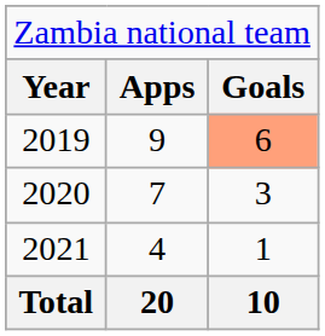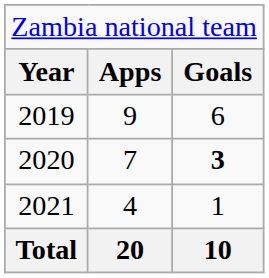 <table class="wikitable" style="text-align:center">
 <tr>
 <td colspan="3"><a href='#'>Zambia national team</a></td>
 </tr>
 <tr>
 <th>Year</th>
 <th>Apps</th>
 <th>Goals</th>
 </tr>
 <tr>
 <td>2019</td>
 <td>9</td>
-<td style="background: lightsalmon;">6</td>
+<td>6</td>
 </tr>
 <tr>
 <td>2020</td>
 <td>7</td>
-<td>3</td>
+<td><strong>3</strong></td>
 </tr>
 <tr>
 <td>2021</td>
 <td>4</td>
 <td>1</td>
 </tr>
 <tr>
 <th>Total</th>
 <th>20</th>
 <th>10</th>
 </tr>
 </table>
